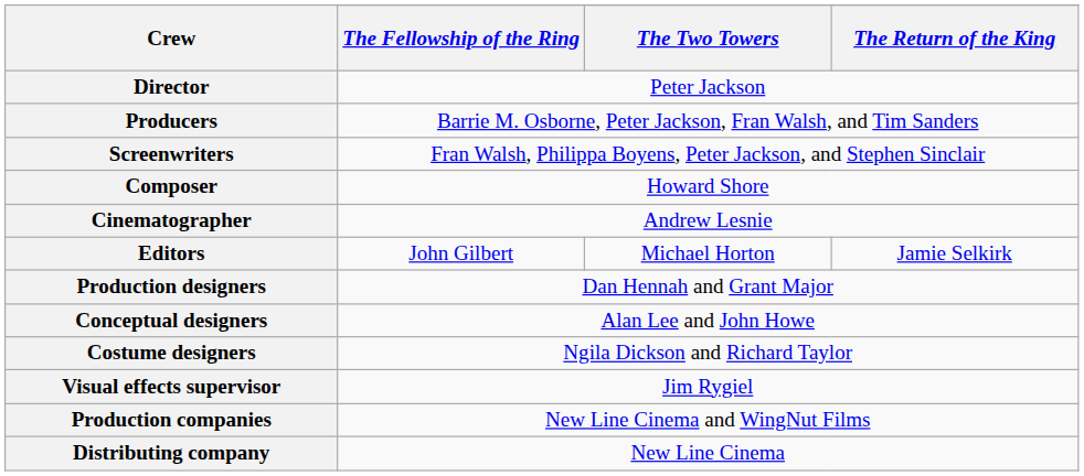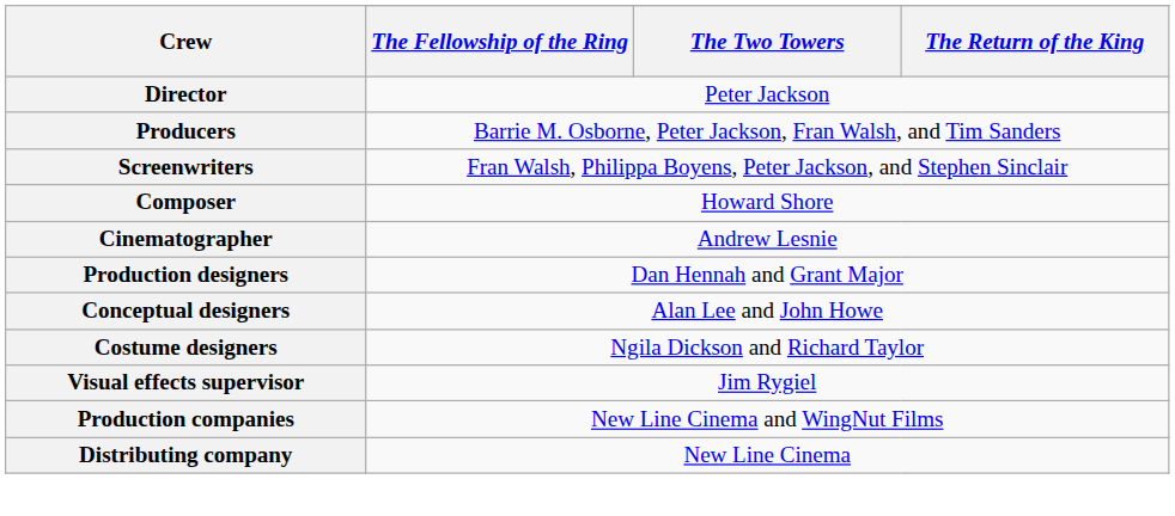 <table class="wikitable" style="text-align:center;">
 <tr>
 <th rowspan="2">Crew</th>
 </tr>
 <tr style="height: 50px;">
 <th style="width:23%;"><em><a href='#'>The Fellowship of the Ring</a></em></th>
 <th style="width:23%;"><em><a href='#'>The Two Towers</a></em></th>
 <th style="width:23%;"><em><a href='#'>The Return of the King</a></em></th>
 </tr>
 <tr>
 <th>Director</th>
 <td colspan="3"><a href='#'>Peter Jackson</a></td>
 </tr>
 <tr>
 <th>Producers</th>
 <td colspan="3"><a href='#'>Barrie M. Osborne</a>, <a href='#'>Peter Jackson</a>, <a href='#'>Fran Walsh</a>, and <a href='#'>Tim Sanders</a></td>
 </tr>
 <tr>
 <th>Screenwriters</th>
 <td colspan="3"><a href='#'>Fran Walsh</a>, <a href='#'>Philippa Boyens</a>, <a href='#'>Peter Jackson</a>, and <a href='#'>Stephen Sinclair</a></td>
 </tr>
 <tr>
 <th>Composer</th>
 <td colspan="3"><a href='#'>Howard Shore</a></td>
 </tr>
 <tr>
 <th>Cinematographer</th>
 <td colspan="3"><a href='#'>Andrew Lesnie</a></td>
 </tr>
 <tr>
-<th>Editors</th>
-<td><a href='#'>John Gilbert</a></td>
-<td><a href='#'>Michael Horton</a></td>
-<td><a href='#'>Jamie Selkirk</a></td>
-</tr>
-<tr>
 <th>Production designers</th>
 <td colspan="3"><a href='#'>Dan Hennah</a> and <a href='#'>Grant Major</a></td>
 </tr>
 <tr>
 <th>Conceptual designers</th>
 <td colspan="3"><a href='#'>Alan Lee</a> and <a href='#'>John Howe</a></td>
 </tr>
 <tr>
 <th>Costume designers</th>
 <td colspan="3"><a href='#'>Ngila Dickson</a> and <a href='#'>Richard Taylor</a></td>
 </tr>
 <tr>
 <th>Visual effects supervisor</th>
 <td colspan="3"><a href='#'>Jim Rygiel</a></td>
 </tr>
 <tr>
 <th>Production companies</th>
 <td colspan="3"><a href='#'>New Line Cinema</a> and <a href='#'>WingNut Films</a></td>
 </tr>
 <tr>
 <th>Distributing company</th>
 <td colspan="3"><a href='#'>New Line Cinema</a></td>
 </tr>
 </table>
